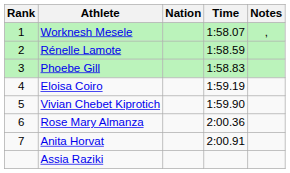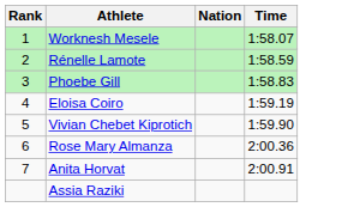 <table class="wikitable sortable" style="text-align:center;">
 <tr>
 <th>Rank</th>
 <th>Athlete</th>
 <th>Nation</th>
 <th>Time</th>
-<th>Notes</th>
 </tr>
 <tr bgcolor=bbf3bb>
 <td>1</td>
 <td align=left><a href='#'>Worknesh Mesele</a></td>
 <td align=left></td>
 <td>1:58.07</td>
-<td>, </td>
 </tr>
 <tr bgcolor=bbf3bb>
 <td>2</td>
 <td align=left><a href='#'>Rénelle Lamote</a></td>
 <td align=left></td>
 <td>1:58.59</td>
-<td></td>
 </tr>
 <tr bgcolor=bbf3bb>
 <td>3</td>
 <td align=left><a href='#'>Phoebe Gill</a></td>
 <td align=left></td>
 <td>1:58.83</td>
-<td></td>
 </tr>
 <tr>
 <td>4</td>
 <td align=left><a href='#'>Eloisa Coiro</a></td>
 <td align=left></td>
 <td>1:59.19</td>
-<td></td>
 </tr>
 <tr>
 <td>5</td>
 <td align=left><a href='#'>Vivian Chebet Kiprotich</a></td>
 <td align=left></td>
 <td>1:59.90</td>
-<td></td>
 </tr>
 <tr>
 <td>6</td>
 <td align=left><a href='#'>Rose Mary Almanza</a></td>
 <td align=left></td>
 <td>2:00.36</td>
-<td></td>
 </tr>
 <tr>
 <td>7</td>
 <td align=left><a href='#'>Anita Horvat</a></td>
 <td align=left></td>
 <td>2:00.91</td>
-<td></td>
 </tr>
 <tr>
 <td></td>
 <td align=left><a href='#'>Assia Raziki</a></td>
 <td align=left></td>
 <td></td>
-<td></td>
 </tr>
 </table>
